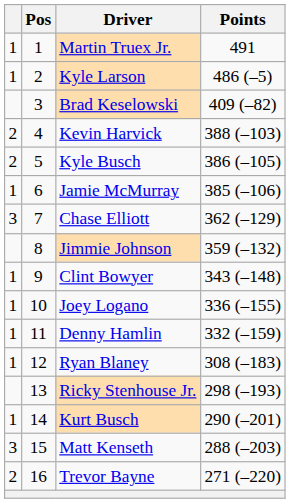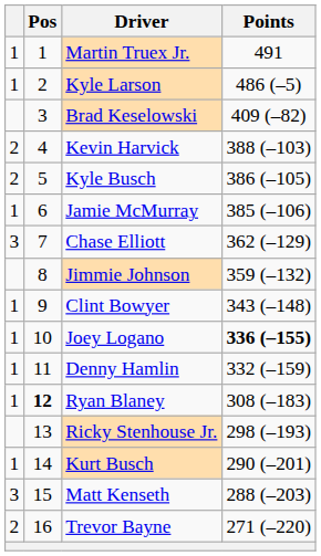 <table class="wikitable" style="font-size: 95%">
 <tr>
 <th></th>
 <th>Pos</th>
 <th>Driver</th>
 <th>Points</th>
 </tr>
 <tr>
 <td align="left"> 1</td>
 <td style="text-align:center;">1</td>
 <td style="background:#FFDEAD;"><a href='#'>Martin Truex Jr.</a></td>
 <td style="text-align:center;">491</td>
 </tr>
 <tr>
 <td align="left"> 1</td>
 <td style="text-align:center;">2</td>
 <td style="background:#FFDEAD;"><a href='#'>Kyle Larson</a></td>
 <td style="text-align:center;">486 (–5)</td>
 </tr>
 <tr>
 <td align="left"></td>
 <td style="text-align:center;">3</td>
 <td style="background:#FFDEAD;"><a href='#'>Brad Keselowski</a></td>
 <td style="text-align:center;">409 (–82)</td>
 </tr>
 <tr>
 <td align="left"> 2</td>
 <td style="text-align:center;">4</td>
 <td><a href='#'>Kevin Harvick</a></td>
 <td style="text-align:center;">388 (–103)</td>
 </tr>
 <tr>
 <td align="left"> 2</td>
 <td style="text-align:center;">5</td>
 <td><a href='#'>Kyle Busch</a></td>
 <td style="text-align:center;">386 (–105)</td>
 </tr>
 <tr>
 <td align="left"> 1</td>
 <td style="text-align:center;">6</td>
 <td><a href='#'>Jamie McMurray</a></td>
 <td style="text-align:center;">385 (–106)</td>
 </tr>
 <tr>
 <td align="left"> 3</td>
 <td style="text-align:center;">7</td>
 <td><a href='#'>Chase Elliott</a></td>
 <td style="text-align:center;">362 (–129)</td>
 </tr>
 <tr>
 <td align="left"></td>
 <td style="text-align:center;">8</td>
 <td style="background:#FFDEAD;"><a href='#'>Jimmie Johnson</a></td>
 <td style="text-align:center;">359 (–132)</td>
 </tr>
 <tr>
 <td align="left"> 1</td>
 <td style="text-align:center;">9</td>
 <td><a href='#'>Clint Bowyer</a></td>
 <td style="text-align:center;">343 (–148)</td>
 </tr>
 <tr>
 <td align="left"> 1</td>
 <td style="text-align:center;">10</td>
 <td><a href='#'>Joey Logano</a></td>
-<td style="text-align:center;">336 (–155)</td>
+<td style="text-align:center;"><strong>336 (–155)</strong></td>
 </tr>
 <tr>
 <td align="left"> 1</td>
 <td style="text-align:center;">11</td>
 <td><a href='#'>Denny Hamlin</a></td>
 <td style="text-align:center;">332 (–159)</td>
 </tr>
 <tr>
 <td align="left"> 1</td>
-<td style="text-align:center;">12</td>
+<td style="text-align:center;"><strong>12</strong></td>
 <td><a href='#'>Ryan Blaney</a></td>
 <td style="text-align:center;">308 (–183)</td>
 </tr>
 <tr>
 <td align="left"></td>
 <td style="text-align:center;">13</td>
 <td style="background:#FFDEAD;"><a href='#'>Ricky Stenhouse Jr.</a></td>
 <td style="text-align:center;">298 (–193)</td>
 </tr>
 <tr>
 <td align="left"> 1</td>
 <td style="text-align:center;">14</td>
 <td style="background:#FFDEAD;"><a href='#'>Kurt Busch</a></td>
 <td style="text-align:center;">290 (–201)</td>
 </tr>
 <tr>
 <td align="left"> 3</td>
 <td style="text-align:center;">15</td>
 <td><a href='#'>Matt Kenseth</a></td>
 <td style="text-align:center;">288 (–203)</td>
 </tr>
 <tr>
 <td align="left"> 2</td>
 <td style="text-align:center;">16</td>
 <td><a href='#'>Trevor Bayne</a></td>
 <td style="text-align:center;">271 (–220)</td>
 </tr>
 <tr class="sortbottom">
 <th colspan="9"></th>
 </tr>
 </table>
